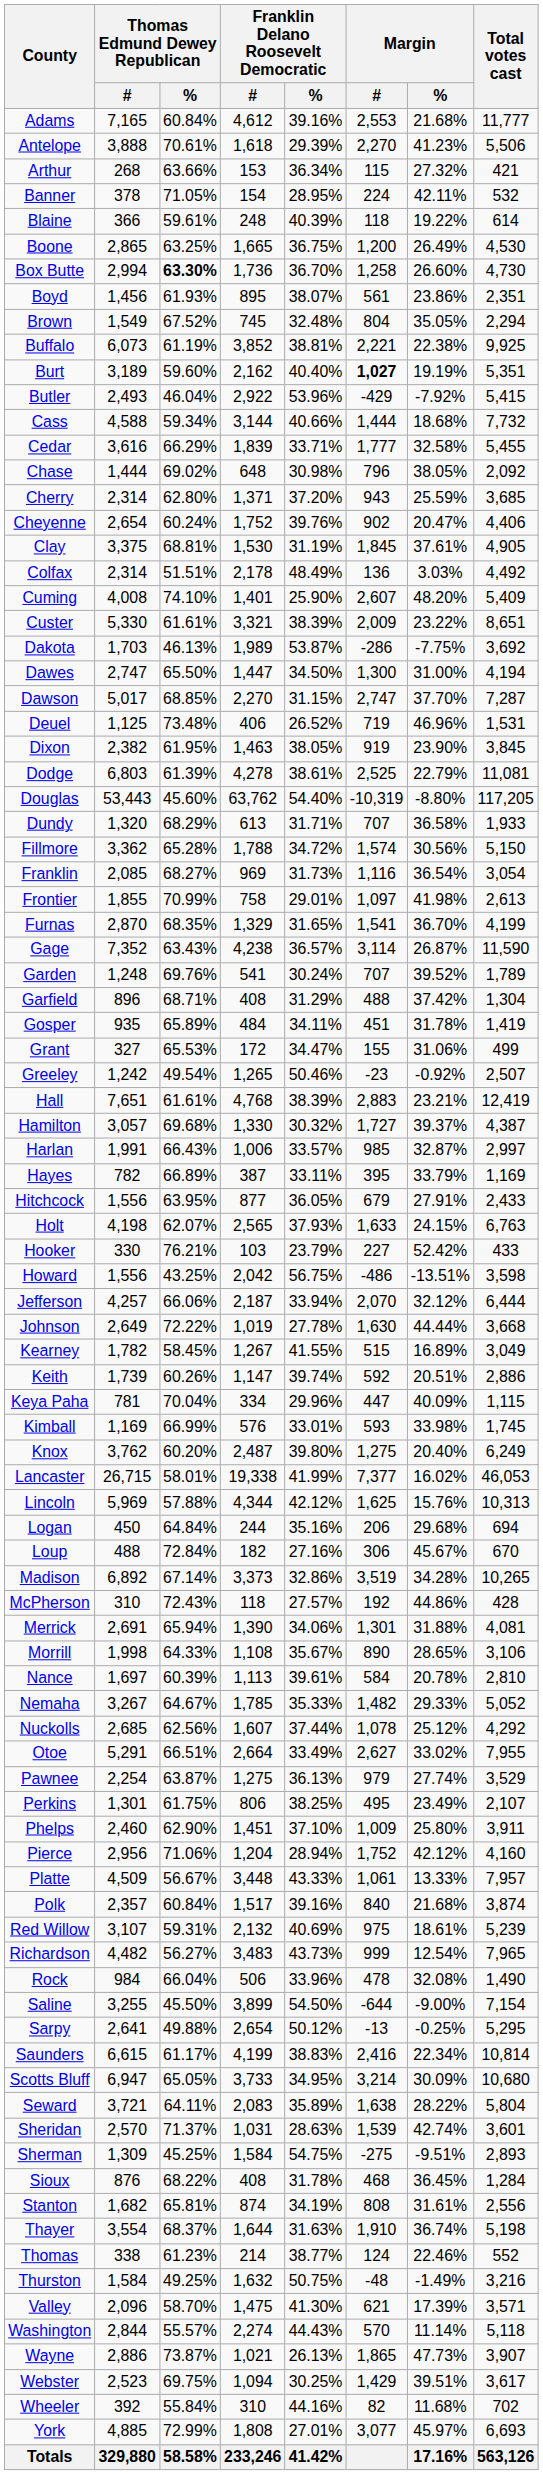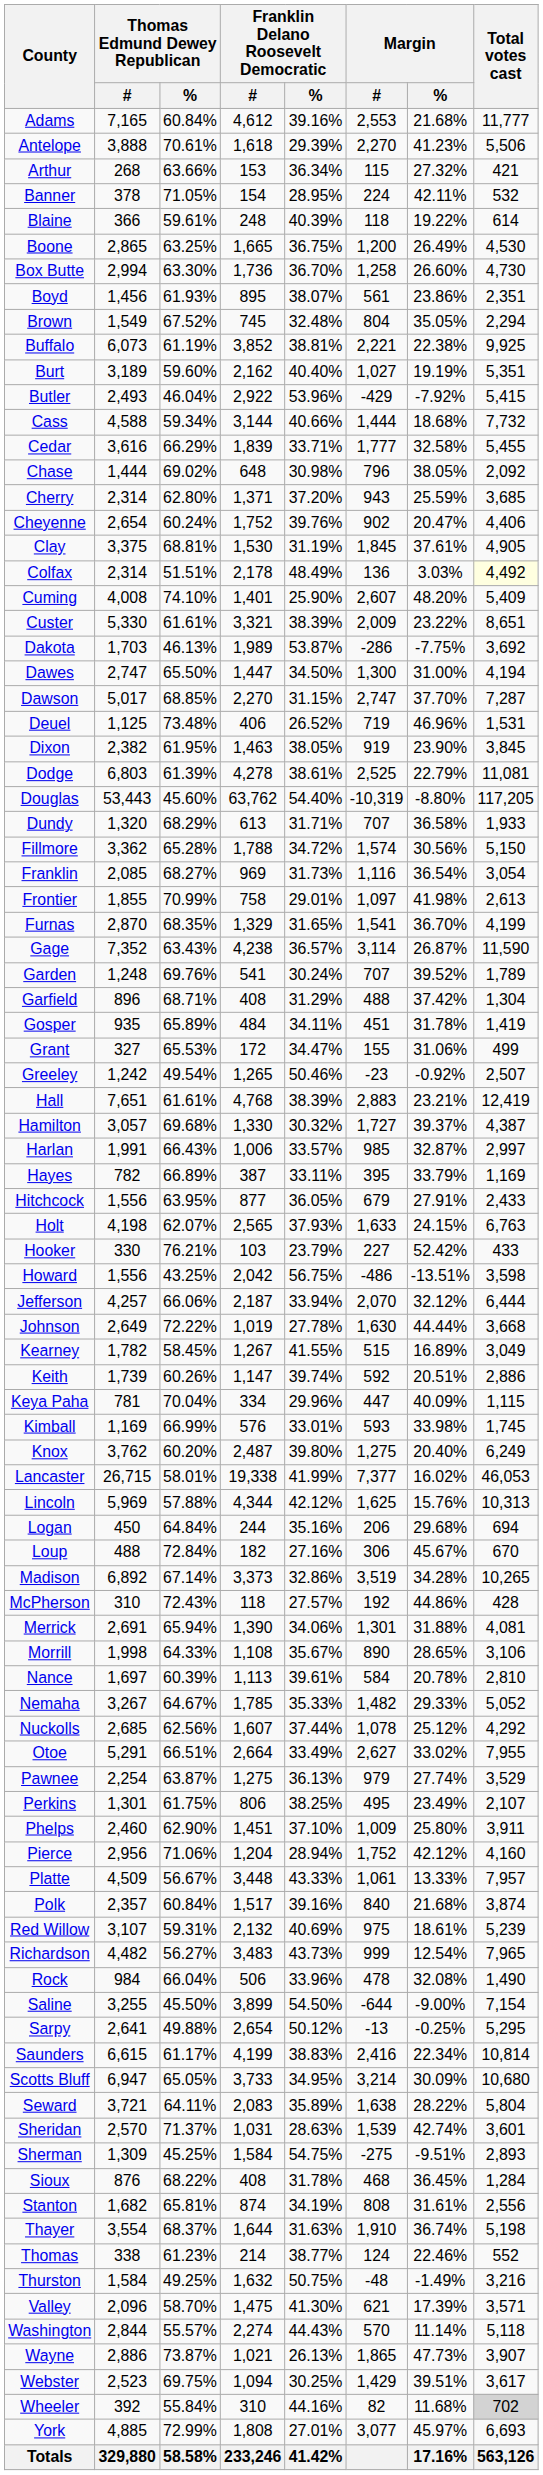 <table width="65%"  class="wikitable sortable" style="text-align:center">
 <tr>
 <th style="text-align:center;" rowspan="2">County</th>
 <th style="text-align:center;" colspan="2">Thomas Edmund Dewey<br>Republican</th>
 <th style="text-align:center;" colspan="2">Franklin Delano Roosevelt<br>Democratic</th>
 <th style="text-align:center;" colspan="2">Margin</th>
 <th style="text-align:center;" rowspan="2">Total votes cast</th>
 </tr>
 <tr>
 <th data-sort-type="number">#</th>
 <th data-sort-type="number">%</th>
 <th data-sort-type="number">#</th>
 <th data-sort-type="number">%</th>
 <th data-sort-type="number">#</th>
 <th data-sort-type="number">%</th>
 </tr>
 <tr style="text-align:center;">
 <td><a href='#'>Adams</a></td>
 <td>7,165</td>
 <td>60.84%</td>
 <td>4,612</td>
 <td>39.16%</td>
 <td>2,553</td>
 <td>21.68%</td>
 <td>11,777</td>
 </tr>
 <tr style="text-align:center;">
 <td><a href='#'>Antelope</a></td>
 <td>3,888</td>
 <td>70.61%</td>
 <td>1,618</td>
 <td>29.39%</td>
 <td>2,270</td>
 <td>41.23%</td>
 <td>5,506</td>
 </tr>
 <tr style="text-align:center;">
 <td><a href='#'>Arthur</a></td>
 <td>268</td>
 <td>63.66%</td>
 <td>153</td>
 <td>36.34%</td>
 <td>115</td>
 <td>27.32%</td>
 <td>421</td>
 </tr>
 <tr style="text-align:center;">
 <td><a href='#'>Banner</a></td>
 <td>378</td>
 <td>71.05%</td>
 <td>154</td>
 <td>28.95%</td>
 <td>224</td>
 <td>42.11%</td>
 <td>532</td>
 </tr>
 <tr style="text-align:center;">
 <td><a href='#'>Blaine</a></td>
 <td>366</td>
 <td>59.61%</td>
 <td>248</td>
 <td>40.39%</td>
 <td>118</td>
 <td>19.22%</td>
 <td>614</td>
 </tr>
 <tr style="text-align:center;">
 <td><a href='#'>Boone</a></td>
 <td>2,865</td>
 <td>63.25%</td>
 <td>1,665</td>
 <td>36.75%</td>
 <td>1,200</td>
 <td>26.49%</td>
 <td>4,530</td>
 </tr>
 <tr style="text-align:center;">
 <td><a href='#'>Box Butte</a></td>
 <td>2,994</td>
-<td><strong>63.30%</strong></td>
+<td>63.30%</td>
 <td>1,736</td>
 <td>36.70%</td>
 <td>1,258</td>
 <td>26.60%</td>
 <td>4,730</td>
 </tr>
 <tr style="text-align:center;">
 <td><a href='#'>Boyd</a></td>
 <td>1,456</td>
 <td>61.93%</td>
 <td>895</td>
 <td>38.07%</td>
 <td>561</td>
 <td>23.86%</td>
 <td>2,351</td>
 </tr>
 <tr style="text-align:center;">
 <td><a href='#'>Brown</a></td>
 <td>1,549</td>
 <td>67.52%</td>
 <td>745</td>
 <td>32.48%</td>
 <td>804</td>
 <td>35.05%</td>
 <td>2,294</td>
 </tr>
 <tr style="text-align:center;">
 <td><a href='#'>Buffalo</a></td>
 <td>6,073</td>
 <td>61.19%</td>
 <td>3,852</td>
 <td>38.81%</td>
 <td>2,221</td>
 <td>22.38%</td>
 <td>9,925</td>
 </tr>
 <tr style="text-align:center;">
 <td><a href='#'>Burt</a></td>
 <td>3,189</td>
 <td>59.60%</td>
 <td>2,162</td>
 <td>40.40%</td>
-<td><strong>1,027</strong></td>
+<td>1,027</td>
 <td>19.19%</td>
 <td>5,351</td>
 </tr>
 <tr style="text-align:center;">
 <td><a href='#'>Butler</a></td>
 <td>2,493</td>
 <td>46.04%</td>
 <td>2,922</td>
 <td>53.96%</td>
 <td>-429</td>
 <td>-7.92%</td>
 <td>5,415</td>
 </tr>
 <tr style="text-align:center;">
 <td><a href='#'>Cass</a></td>
 <td>4,588</td>
 <td>59.34%</td>
 <td>3,144</td>
 <td>40.66%</td>
 <td>1,444</td>
 <td>18.68%</td>
 <td>7,732</td>
 </tr>
 <tr style="text-align:center;">
 <td><a href='#'>Cedar</a></td>
 <td>3,616</td>
 <td>66.29%</td>
 <td>1,839</td>
 <td>33.71%</td>
 <td>1,777</td>
 <td>32.58%</td>
 <td>5,455</td>
 </tr>
 <tr style="text-align:center;">
 <td><a href='#'>Chase</a></td>
 <td>1,444</td>
 <td>69.02%</td>
 <td>648</td>
 <td>30.98%</td>
 <td>796</td>
 <td>38.05%</td>
 <td>2,092</td>
 </tr>
 <tr style="text-align:center;">
 <td><a href='#'>Cherry</a></td>
 <td>2,314</td>
 <td>62.80%</td>
 <td>1,371</td>
 <td>37.20%</td>
 <td>943</td>
 <td>25.59%</td>
 <td>3,685</td>
 </tr>
 <tr style="text-align:center;">
 <td><a href='#'>Cheyenne</a></td>
 <td>2,654</td>
 <td>60.24%</td>
 <td>1,752</td>
 <td>39.76%</td>
 <td>902</td>
 <td>20.47%</td>
 <td>4,406</td>
 </tr>
 <tr style="text-align:center;">
 <td><a href='#'>Clay</a></td>
 <td>3,375</td>
 <td>68.81%</td>
 <td>1,530</td>
 <td>31.19%</td>
 <td>1,845</td>
 <td>37.61%</td>
 <td>4,905</td>
 </tr>
 <tr style="text-align:center;">
 <td><a href='#'>Colfax</a></td>
 <td>2,314</td>
 <td>51.51%</td>
 <td>2,178</td>
 <td>48.49%</td>
 <td>136</td>
 <td>3.03%</td>
-<td>4,492</td>
+<td style="background: lightyellow;">4,492</td>
 </tr>
 <tr style="text-align:center;">
 <td><a href='#'>Cuming</a></td>
 <td>4,008</td>
 <td>74.10%</td>
 <td>1,401</td>
 <td>25.90%</td>
 <td>2,607</td>
 <td>48.20%</td>
 <td>5,409</td>
 </tr>
 <tr style="text-align:center;">
 <td><a href='#'>Custer</a></td>
 <td>5,330</td>
 <td>61.61%</td>
 <td>3,321</td>
 <td>38.39%</td>
 <td>2,009</td>
 <td>23.22%</td>
 <td>8,651</td>
 </tr>
 <tr style="text-align:center;">
 <td><a href='#'>Dakota</a></td>
 <td>1,703</td>
 <td>46.13%</td>
 <td>1,989</td>
 <td>53.87%</td>
 <td>-286</td>
 <td>-7.75%</td>
 <td>3,692</td>
 </tr>
 <tr style="text-align:center;">
 <td><a href='#'>Dawes</a></td>
 <td>2,747</td>
 <td>65.50%</td>
 <td>1,447</td>
 <td>34.50%</td>
 <td>1,300</td>
 <td>31.00%</td>
 <td>4,194</td>
 </tr>
 <tr style="text-align:center;">
 <td><a href='#'>Dawson</a></td>
 <td>5,017</td>
 <td>68.85%</td>
 <td>2,270</td>
 <td>31.15%</td>
 <td>2,747</td>
 <td>37.70%</td>
 <td>7,287</td>
 </tr>
 <tr style="text-align:center;">
 <td><a href='#'>Deuel</a></td>
 <td>1,125</td>
 <td>73.48%</td>
 <td>406</td>
 <td>26.52%</td>
 <td>719</td>
 <td>46.96%</td>
 <td>1,531</td>
 </tr>
 <tr style="text-align:center;">
 <td><a href='#'>Dixon</a></td>
 <td>2,382</td>
 <td>61.95%</td>
 <td>1,463</td>
 <td>38.05%</td>
 <td>919</td>
 <td>23.90%</td>
 <td>3,845</td>
 </tr>
 <tr style="text-align:center;">
 <td><a href='#'>Dodge</a></td>
 <td>6,803</td>
 <td>61.39%</td>
 <td>4,278</td>
 <td>38.61%</td>
 <td>2,525</td>
 <td>22.79%</td>
 <td>11,081</td>
 </tr>
 <tr style="text-align:center;">
 <td><a href='#'>Douglas</a></td>
 <td>53,443</td>
 <td>45.60%</td>
 <td>63,762</td>
 <td>54.40%</td>
 <td>-10,319</td>
 <td>-8.80%</td>
 <td>117,205</td>
 </tr>
 <tr style="text-align:center;">
 <td><a href='#'>Dundy</a></td>
 <td>1,320</td>
 <td>68.29%</td>
 <td>613</td>
 <td>31.71%</td>
 <td>707</td>
 <td>36.58%</td>
 <td>1,933</td>
 </tr>
 <tr style="text-align:center;">
 <td><a href='#'>Fillmore</a></td>
 <td>3,362</td>
 <td>65.28%</td>
 <td>1,788</td>
 <td>34.72%</td>
 <td>1,574</td>
 <td>30.56%</td>
 <td>5,150</td>
 </tr>
 <tr style="text-align:center;">
 <td><a href='#'>Franklin</a></td>
 <td>2,085</td>
 <td>68.27%</td>
 <td>969</td>
 <td>31.73%</td>
 <td>1,116</td>
 <td>36.54%</td>
 <td>3,054</td>
 </tr>
 <tr style="text-align:center;">
 <td><a href='#'>Frontier</a></td>
 <td>1,855</td>
 <td>70.99%</td>
 <td>758</td>
 <td>29.01%</td>
 <td>1,097</td>
 <td>41.98%</td>
 <td>2,613</td>
 </tr>
 <tr style="text-align:center;">
 <td><a href='#'>Furnas</a></td>
 <td>2,870</td>
 <td>68.35%</td>
 <td>1,329</td>
 <td>31.65%</td>
 <td>1,541</td>
 <td>36.70%</td>
 <td>4,199</td>
 </tr>
 <tr style="text-align:center;">
 <td><a href='#'>Gage</a></td>
 <td>7,352</td>
 <td>63.43%</td>
 <td>4,238</td>
 <td>36.57%</td>
 <td>3,114</td>
 <td>26.87%</td>
 <td>11,590</td>
 </tr>
 <tr style="text-align:center;">
 <td><a href='#'>Garden</a></td>
 <td>1,248</td>
 <td>69.76%</td>
 <td>541</td>
 <td>30.24%</td>
 <td>707</td>
 <td>39.52%</td>
 <td>1,789</td>
 </tr>
 <tr style="text-align:center;">
 <td><a href='#'>Garfield</a></td>
 <td>896</td>
 <td>68.71%</td>
 <td>408</td>
 <td>31.29%</td>
 <td>488</td>
 <td>37.42%</td>
 <td>1,304</td>
 </tr>
 <tr style="text-align:center;">
 <td><a href='#'>Gosper</a></td>
 <td>935</td>
 <td>65.89%</td>
 <td>484</td>
 <td>34.11%</td>
 <td>451</td>
 <td>31.78%</td>
 <td>1,419</td>
 </tr>
 <tr style="text-align:center;">
 <td><a href='#'>Grant</a></td>
 <td>327</td>
 <td>65.53%</td>
 <td>172</td>
 <td>34.47%</td>
 <td>155</td>
 <td>31.06%</td>
 <td>499</td>
 </tr>
 <tr style="text-align:center;">
 <td><a href='#'>Greeley</a></td>
 <td>1,242</td>
 <td>49.54%</td>
 <td>1,265</td>
 <td>50.46%</td>
 <td>-23</td>
 <td>-0.92%</td>
 <td>2,507</td>
 </tr>
 <tr style="text-align:center;">
 <td><a href='#'>Hall</a></td>
 <td>7,651</td>
 <td>61.61%</td>
 <td>4,768</td>
 <td>38.39%</td>
 <td>2,883</td>
 <td>23.21%</td>
 <td>12,419</td>
 </tr>
 <tr style="text-align:center;">
 <td><a href='#'>Hamilton</a></td>
 <td>3,057</td>
 <td>69.68%</td>
 <td>1,330</td>
 <td>30.32%</td>
 <td>1,727</td>
 <td>39.37%</td>
 <td>4,387</td>
 </tr>
 <tr style="text-align:center;">
 <td><a href='#'>Harlan</a></td>
 <td>1,991</td>
 <td>66.43%</td>
 <td>1,006</td>
 <td>33.57%</td>
 <td>985</td>
 <td>32.87%</td>
 <td>2,997</td>
 </tr>
 <tr style="text-align:center;">
 <td><a href='#'>Hayes</a></td>
 <td>782</td>
 <td>66.89%</td>
 <td>387</td>
 <td>33.11%</td>
 <td>395</td>
 <td>33.79%</td>
 <td>1,169</td>
 </tr>
 <tr style="text-align:center;">
 <td><a href='#'>Hitchcock</a></td>
 <td>1,556</td>
 <td>63.95%</td>
 <td>877</td>
 <td>36.05%</td>
 <td>679</td>
 <td>27.91%</td>
 <td>2,433</td>
 </tr>
 <tr style="text-align:center;">
 <td><a href='#'>Holt</a></td>
 <td>4,198</td>
 <td>62.07%</td>
 <td>2,565</td>
 <td>37.93%</td>
 <td>1,633</td>
 <td>24.15%</td>
 <td>6,763</td>
 </tr>
 <tr style="text-align:center;">
 <td><a href='#'>Hooker</a></td>
 <td>330</td>
 <td>76.21%</td>
 <td>103</td>
 <td>23.79%</td>
 <td>227</td>
 <td>52.42%</td>
 <td>433</td>
 </tr>
 <tr style="text-align:center;">
 <td><a href='#'>Howard</a></td>
 <td>1,556</td>
 <td>43.25%</td>
 <td>2,042</td>
 <td>56.75%</td>
 <td>-486</td>
 <td>-13.51%</td>
 <td>3,598</td>
 </tr>
 <tr style="text-align:center;">
 <td><a href='#'>Jefferson</a></td>
 <td>4,257</td>
 <td>66.06%</td>
 <td>2,187</td>
 <td>33.94%</td>
 <td>2,070</td>
 <td>32.12%</td>
 <td>6,444</td>
 </tr>
 <tr style="text-align:center;">
 <td><a href='#'>Johnson</a></td>
 <td>2,649</td>
 <td>72.22%</td>
 <td>1,019</td>
 <td>27.78%</td>
 <td>1,630</td>
 <td>44.44%</td>
 <td>3,668</td>
 </tr>
 <tr style="text-align:center;">
 <td><a href='#'>Kearney</a></td>
 <td>1,782</td>
 <td>58.45%</td>
 <td>1,267</td>
 <td>41.55%</td>
 <td>515</td>
 <td>16.89%</td>
 <td>3,049</td>
 </tr>
 <tr style="text-align:center;">
 <td><a href='#'>Keith</a></td>
 <td>1,739</td>
 <td>60.26%</td>
 <td>1,147</td>
 <td>39.74%</td>
 <td>592</td>
 <td>20.51%</td>
 <td>2,886</td>
 </tr>
 <tr style="text-align:center;">
 <td><a href='#'>Keya Paha</a></td>
 <td>781</td>
 <td>70.04%</td>
 <td>334</td>
 <td>29.96%</td>
 <td>447</td>
 <td>40.09%</td>
 <td>1,115</td>
 </tr>
 <tr style="text-align:center;">
 <td><a href='#'>Kimball</a></td>
 <td>1,169</td>
 <td>66.99%</td>
 <td>576</td>
 <td>33.01%</td>
 <td>593</td>
 <td>33.98%</td>
 <td>1,745</td>
 </tr>
 <tr style="text-align:center;">
 <td><a href='#'>Knox</a></td>
 <td>3,762</td>
 <td>60.20%</td>
 <td>2,487</td>
 <td>39.80%</td>
 <td>1,275</td>
 <td>20.40%</td>
 <td>6,249</td>
 </tr>
 <tr style="text-align:center;">
 <td><a href='#'>Lancaster</a></td>
 <td>26,715</td>
 <td>58.01%</td>
 <td>19,338</td>
 <td>41.99%</td>
 <td>7,377</td>
 <td>16.02%</td>
 <td>46,053</td>
 </tr>
 <tr style="text-align:center;">
 <td><a href='#'>Lincoln</a></td>
 <td>5,969</td>
 <td>57.88%</td>
 <td>4,344</td>
 <td>42.12%</td>
 <td>1,625</td>
 <td>15.76%</td>
 <td>10,313</td>
 </tr>
 <tr style="text-align:center;">
 <td><a href='#'>Logan</a></td>
 <td>450</td>
 <td>64.84%</td>
 <td>244</td>
 <td>35.16%</td>
 <td>206</td>
 <td>29.68%</td>
 <td>694</td>
 </tr>
 <tr style="text-align:center;">
 <td><a href='#'>Loup</a></td>
 <td>488</td>
 <td>72.84%</td>
 <td>182</td>
 <td>27.16%</td>
 <td>306</td>
 <td>45.67%</td>
 <td>670</td>
 </tr>
 <tr style="text-align:center;">
 <td><a href='#'>Madison</a></td>
 <td>6,892</td>
 <td>67.14%</td>
 <td>3,373</td>
 <td>32.86%</td>
 <td>3,519</td>
 <td>34.28%</td>
 <td>10,265</td>
 </tr>
 <tr style="text-align:center;">
 <td><a href='#'>McPherson</a></td>
 <td>310</td>
 <td>72.43%</td>
 <td>118</td>
 <td>27.57%</td>
 <td>192</td>
 <td>44.86%</td>
 <td>428</td>
 </tr>
 <tr style="text-align:center;">
 <td><a href='#'>Merrick</a></td>
 <td>2,691</td>
 <td>65.94%</td>
 <td>1,390</td>
 <td>34.06%</td>
 <td>1,301</td>
 <td>31.88%</td>
 <td>4,081</td>
 </tr>
 <tr style="text-align:center;">
 <td><a href='#'>Morrill</a></td>
 <td>1,998</td>
 <td>64.33%</td>
 <td>1,108</td>
 <td>35.67%</td>
 <td>890</td>
 <td>28.65%</td>
 <td>3,106</td>
 </tr>
 <tr style="text-align:center;">
 <td><a href='#'>Nance</a></td>
 <td>1,697</td>
 <td>60.39%</td>
 <td>1,113</td>
 <td>39.61%</td>
 <td>584</td>
 <td>20.78%</td>
 <td>2,810</td>
 </tr>
 <tr style="text-align:center;">
 <td><a href='#'>Nemaha</a></td>
 <td>3,267</td>
 <td>64.67%</td>
 <td>1,785</td>
 <td>35.33%</td>
 <td>1,482</td>
 <td>29.33%</td>
 <td>5,052</td>
 </tr>
 <tr style="text-align:center;">
 <td><a href='#'>Nuckolls</a></td>
 <td>2,685</td>
 <td>62.56%</td>
 <td>1,607</td>
 <td>37.44%</td>
 <td>1,078</td>
 <td>25.12%</td>
 <td>4,292</td>
 </tr>
 <tr style="text-align:center;">
 <td><a href='#'>Otoe</a></td>
 <td>5,291</td>
 <td>66.51%</td>
 <td>2,664</td>
 <td>33.49%</td>
 <td>2,627</td>
 <td>33.02%</td>
 <td>7,955</td>
 </tr>
 <tr style="text-align:center;">
 <td><a href='#'>Pawnee</a></td>
 <td>2,254</td>
 <td>63.87%</td>
 <td>1,275</td>
 <td>36.13%</td>
 <td>979</td>
 <td>27.74%</td>
 <td>3,529</td>
 </tr>
 <tr style="text-align:center;">
 <td><a href='#'>Perkins</a></td>
 <td>1,301</td>
 <td>61.75%</td>
 <td>806</td>
 <td>38.25%</td>
 <td>495</td>
 <td>23.49%</td>
 <td>2,107</td>
 </tr>
 <tr style="text-align:center;">
 <td><a href='#'>Phelps</a></td>
 <td>2,460</td>
 <td>62.90%</td>
 <td>1,451</td>
 <td>37.10%</td>
 <td>1,009</td>
 <td>25.80%</td>
 <td>3,911</td>
 </tr>
 <tr style="text-align:center;">
 <td><a href='#'>Pierce</a></td>
 <td>2,956</td>
 <td>71.06%</td>
 <td>1,204</td>
 <td>28.94%</td>
 <td>1,752</td>
 <td>42.12%</td>
 <td>4,160</td>
 </tr>
 <tr style="text-align:center;">
 <td><a href='#'>Platte</a></td>
 <td>4,509</td>
 <td>56.67%</td>
 <td>3,448</td>
 <td>43.33%</td>
 <td>1,061</td>
 <td>13.33%</td>
 <td>7,957</td>
 </tr>
 <tr style="text-align:center;">
 <td><a href='#'>Polk</a></td>
 <td>2,357</td>
 <td>60.84%</td>
 <td>1,517</td>
 <td>39.16%</td>
 <td>840</td>
 <td>21.68%</td>
 <td>3,874</td>
 </tr>
 <tr style="text-align:center;">
 <td><a href='#'>Red Willow</a></td>
 <td>3,107</td>
 <td>59.31%</td>
 <td>2,132</td>
 <td>40.69%</td>
 <td>975</td>
 <td>18.61%</td>
 <td>5,239</td>
 </tr>
 <tr style="text-align:center;">
 <td><a href='#'>Richardson</a></td>
 <td>4,482</td>
 <td>56.27%</td>
 <td>3,483</td>
 <td>43.73%</td>
 <td>999</td>
 <td>12.54%</td>
 <td>7,965</td>
 </tr>
 <tr style="text-align:center;">
 <td><a href='#'>Rock</a></td>
 <td>984</td>
 <td>66.04%</td>
 <td>506</td>
 <td>33.96%</td>
 <td>478</td>
 <td>32.08%</td>
 <td>1,490</td>
 </tr>
 <tr style="text-align:center;">
 <td><a href='#'>Saline</a></td>
 <td>3,255</td>
 <td>45.50%</td>
 <td>3,899</td>
 <td>54.50%</td>
 <td>-644</td>
 <td>-9.00%</td>
 <td>7,154</td>
 </tr>
 <tr style="text-align:center;">
 <td><a href='#'>Sarpy</a></td>
 <td>2,641</td>
 <td>49.88%</td>
 <td>2,654</td>
 <td>50.12%</td>
 <td>-13</td>
 <td>-0.25%</td>
 <td>5,295</td>
 </tr>
 <tr style="text-align:center;">
 <td><a href='#'>Saunders</a></td>
 <td>6,615</td>
 <td>61.17%</td>
 <td>4,199</td>
 <td>38.83%</td>
 <td>2,416</td>
 <td>22.34%</td>
 <td>10,814</td>
 </tr>
 <tr style="text-align:center;">
 <td><a href='#'>Scotts Bluff</a></td>
 <td>6,947</td>
 <td>65.05%</td>
 <td>3,733</td>
 <td>34.95%</td>
 <td>3,214</td>
 <td>30.09%</td>
 <td>10,680</td>
 </tr>
 <tr style="text-align:center;">
 <td><a href='#'>Seward</a></td>
 <td>3,721</td>
 <td>64.11%</td>
 <td>2,083</td>
 <td>35.89%</td>
 <td>1,638</td>
 <td>28.22%</td>
 <td>5,804</td>
 </tr>
 <tr style="text-align:center;">
 <td><a href='#'>Sheridan</a></td>
 <td>2,570</td>
 <td>71.37%</td>
 <td>1,031</td>
 <td>28.63%</td>
 <td>1,539</td>
 <td>42.74%</td>
 <td>3,601</td>
 </tr>
 <tr style="text-align:center;">
 <td><a href='#'>Sherman</a></td>
 <td>1,309</td>
 <td>45.25%</td>
 <td>1,584</td>
 <td>54.75%</td>
 <td>-275</td>
 <td>-9.51%</td>
 <td>2,893</td>
 </tr>
 <tr style="text-align:center;">
 <td><a href='#'>Sioux</a></td>
 <td>876</td>
 <td>68.22%</td>
 <td>408</td>
 <td>31.78%</td>
 <td>468</td>
 <td>36.45%</td>
 <td>1,284</td>
 </tr>
 <tr style="text-align:center;">
 <td><a href='#'>Stanton</a></td>
 <td>1,682</td>
 <td>65.81%</td>
 <td>874</td>
 <td>34.19%</td>
 <td>808</td>
 <td>31.61%</td>
 <td>2,556</td>
 </tr>
 <tr style="text-align:center;">
 <td><a href='#'>Thayer</a></td>
 <td>3,554</td>
 <td>68.37%</td>
 <td>1,644</td>
 <td>31.63%</td>
 <td>1,910</td>
 <td>36.74%</td>
 <td>5,198</td>
 </tr>
 <tr style="text-align:center;">
 <td><a href='#'>Thomas</a></td>
 <td>338</td>
 <td>61.23%</td>
 <td>214</td>
 <td>38.77%</td>
 <td>124</td>
 <td>22.46%</td>
 <td>552</td>
 </tr>
 <tr style="text-align:center;">
 <td><a href='#'>Thurston</a></td>
 <td>1,584</td>
 <td>49.25%</td>
 <td>1,632</td>
 <td>50.75%</td>
 <td>-48</td>
 <td>-1.49%</td>
 <td>3,216</td>
 </tr>
 <tr style="text-align:center;">
 <td><a href='#'>Valley</a></td>
 <td>2,096</td>
 <td>58.70%</td>
 <td>1,475</td>
 <td>41.30%</td>
 <td>621</td>
 <td>17.39%</td>
 <td>3,571</td>
 </tr>
 <tr style="text-align:center;">
 <td><a href='#'>Washington</a></td>
 <td>2,844</td>
 <td>55.57%</td>
 <td>2,274</td>
 <td>44.43%</td>
 <td>570</td>
 <td>11.14%</td>
 <td>5,118</td>
 </tr>
 <tr style="text-align:center;">
 <td><a href='#'>Wayne</a></td>
 <td>2,886</td>
 <td>73.87%</td>
 <td>1,021</td>
 <td>26.13%</td>
 <td>1,865</td>
 <td>47.73%</td>
 <td>3,907</td>
 </tr>
 <tr style="text-align:center;">
 <td><a href='#'>Webster</a></td>
 <td>2,523</td>
 <td>69.75%</td>
 <td>1,094</td>
 <td>30.25%</td>
 <td>1,429</td>
 <td>39.51%</td>
 <td>3,617</td>
 </tr>
 <tr style="text-align:center;">
 <td><a href='#'>Wheeler</a></td>
 <td>392</td>
 <td>55.84%</td>
 <td>310</td>
 <td>44.16%</td>
 <td>82</td>
 <td>11.68%</td>
-<td>702</td>
+<td style="background: lightgrey;">702</td>
 </tr>
 <tr style="text-align:center;">
 <td><a href='#'>York</a></td>
 <td>4,885</td>
 <td>72.99%</td>
 <td>1,808</td>
 <td>27.01%</td>
 <td>3,077</td>
 <td>45.97%</td>
 <td>6,693</td>
 </tr>
 <tr style="text-align:center;">
 <th>Totals</th>
 <th>329,880</th>
 <th>58.58%</th>
 <th>233,246</th>
 <th>41.42%</th>
 <th 96,634></th>
 <th>17.16%</th>
 <th>563,126</th>
 </tr>
 </table>
